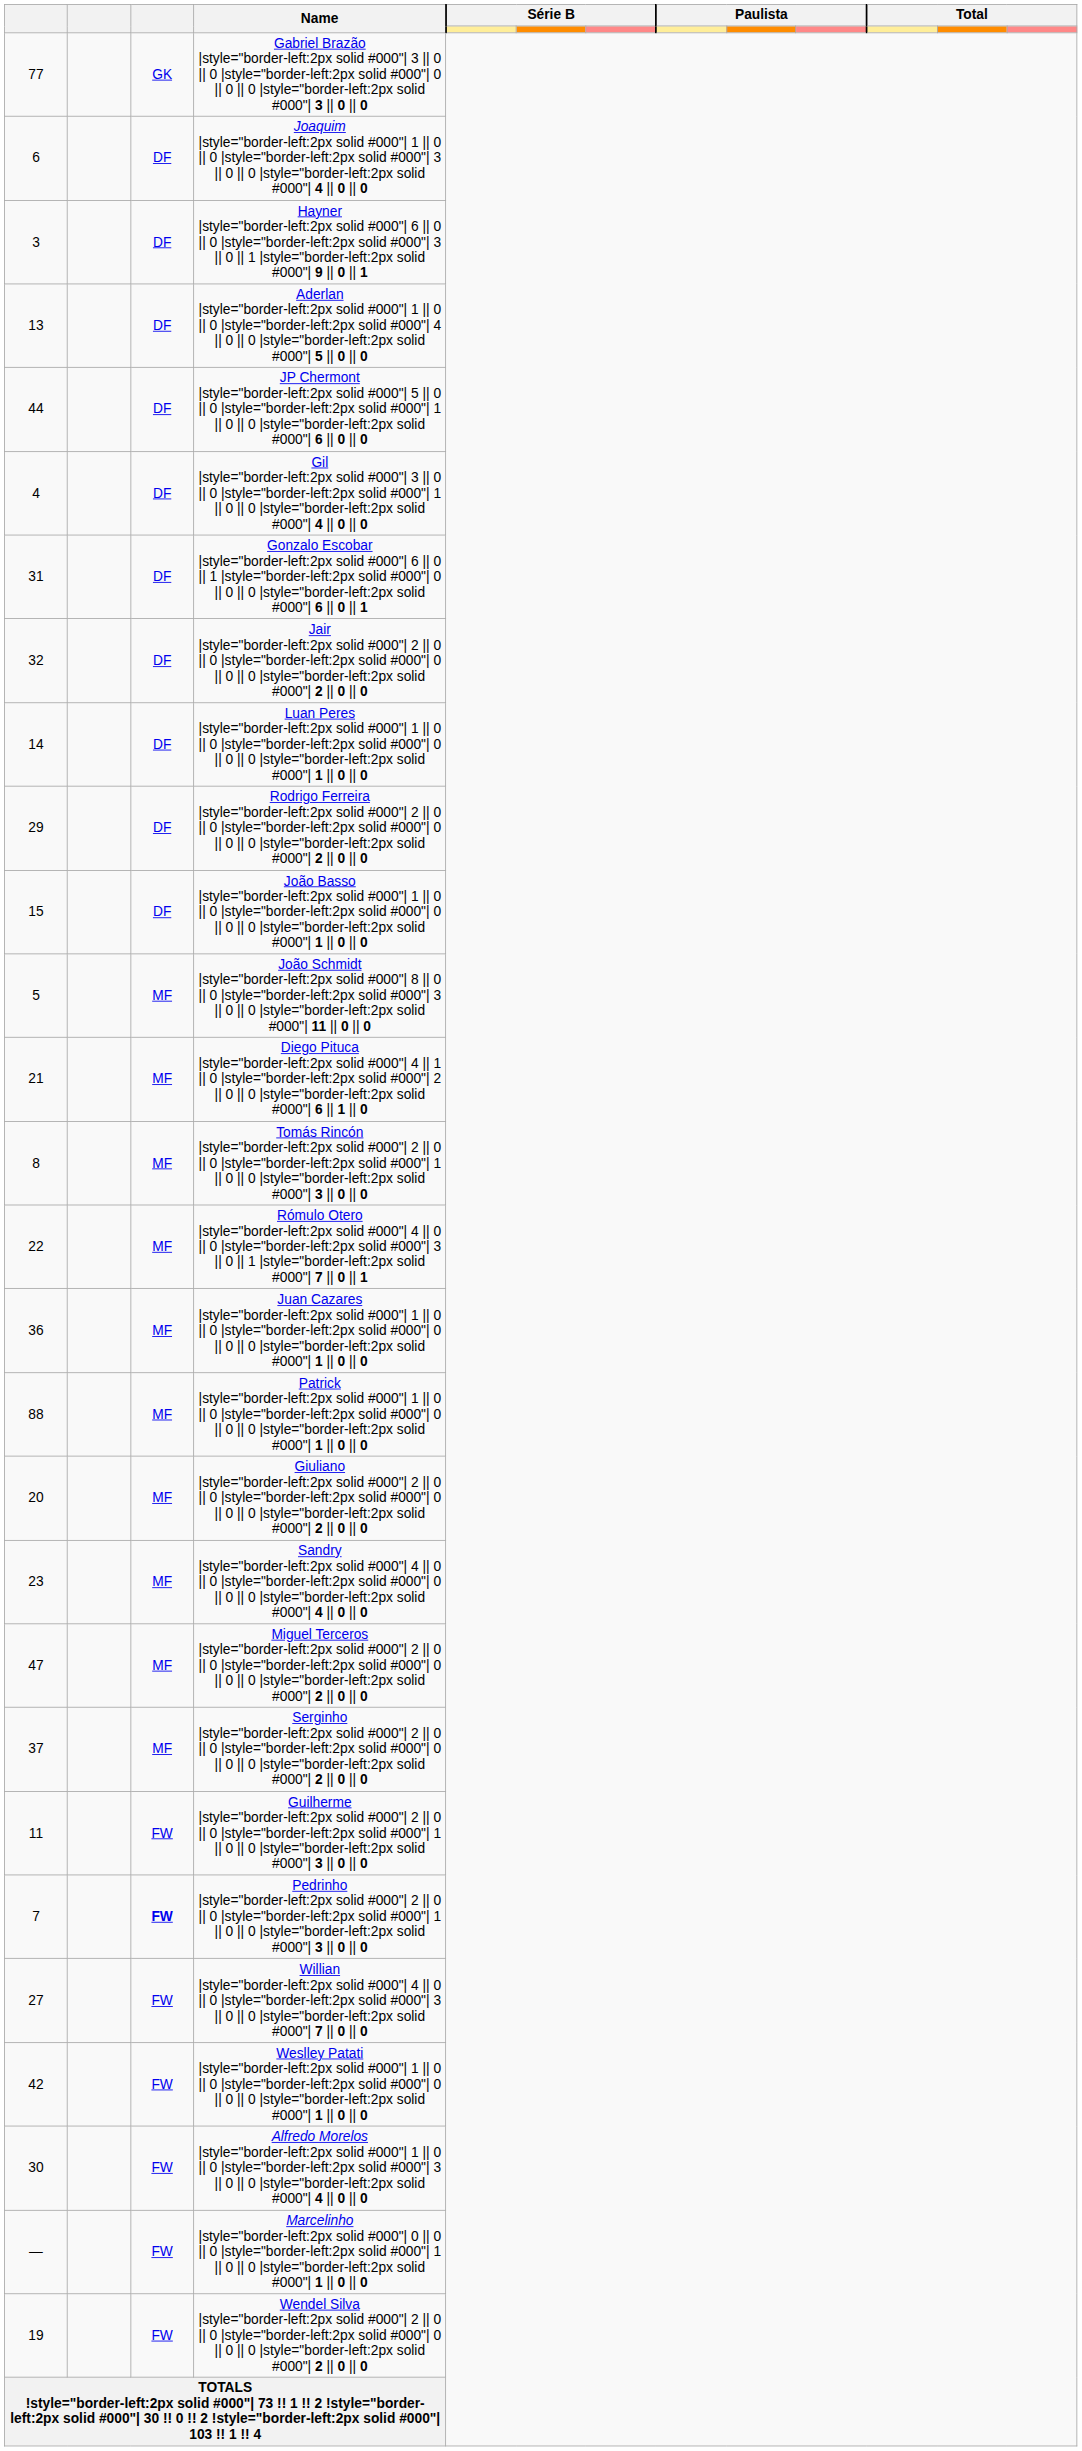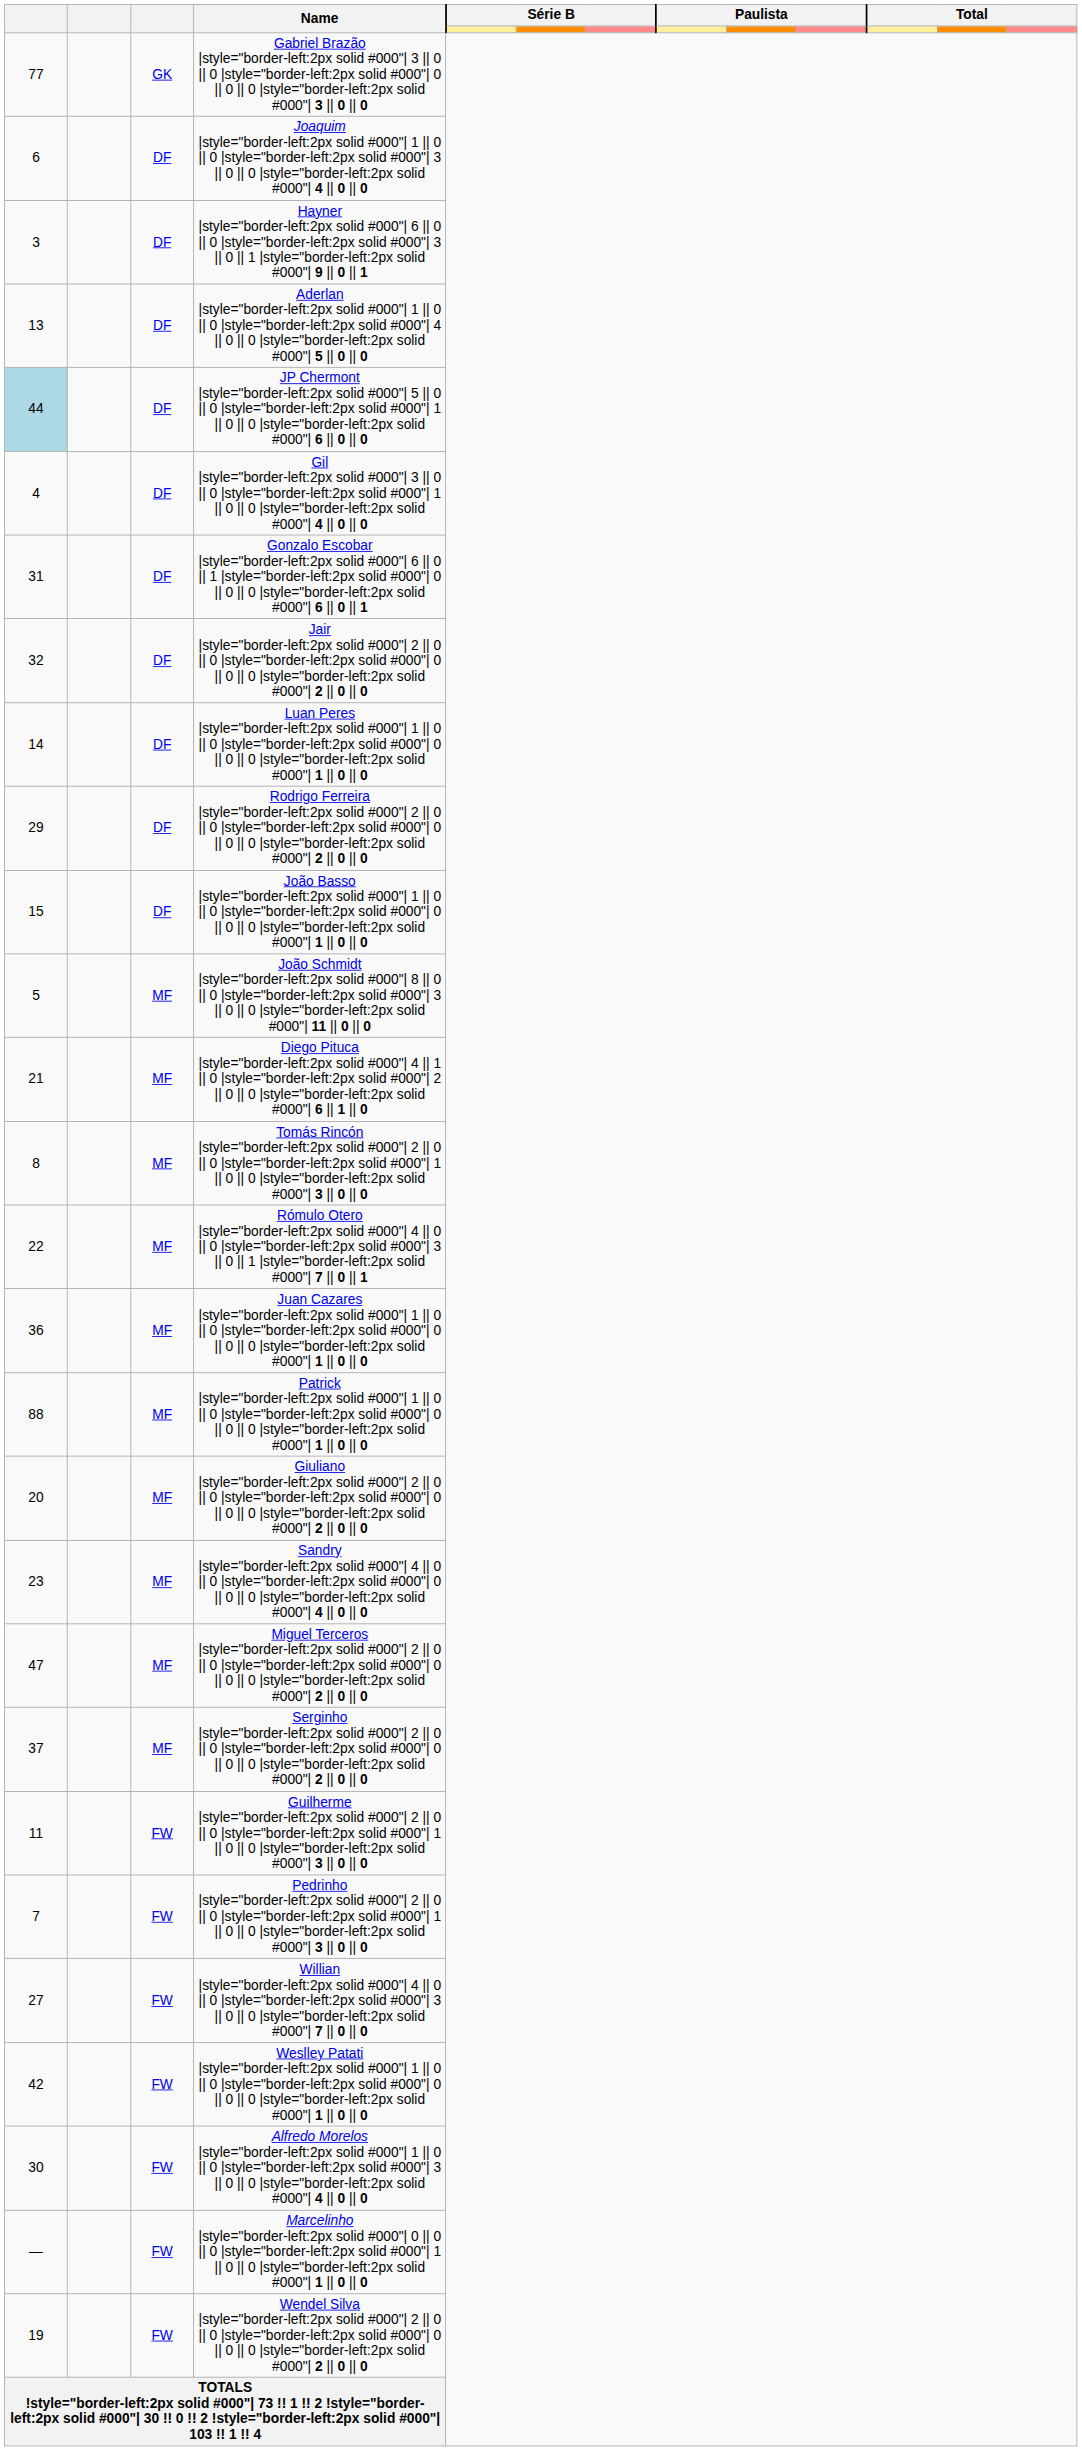 <table class="wikitable" style="text-align:center">
 <tr>
 <th rowspan="2" style="width:3%; "><strong></strong></th>
 <th rowspan="2" style="width:3%; "><strong></strong></th>
 <th rowspan="2" style="width:3%; "><strong></strong></th>
 <th rowspan="2" style="width:12%; ">Name</th>
 <th colspan="3" style="width:10%; border-left:2px solid #000">Série B</th>
 <th colspan="3" style="width:10%; border-left:2px solid #000">Paulista</th>
 <th colspan="3" style="width:10%; border-left:2px solid #000">Total</th>
 </tr>
 <tr>
 <th style="width:20px; background:#fe9; border-left:2px solid #000"></th>
 <th style="width:20px; background:#ff8c00;"></th>
 <th style="width:20px; background:#ff8888;"></th>
 <th style="width:20px; background:#fe9; border-left:2px solid #000"></th>
 <th style="width:20px; background:#ff8c00;"></th>
 <th style="width:20px; background:#ff8888;"></th>
 <th style="width:20px; background:#fe9; border-left:2px solid #000"></th>
 <th style="width:20px; background:#ff8c00;"></th>
 <th style="width:20px; background:#ff8888;"></th>
 </tr>
 <tr>
 <td>77</td>
 <td></td>
 <td><a href='#'>GK</a></td>
 <td><a href='#'>Gabriel Brazão</a><br>|style="border-left:2px solid #000"| 3 || 0 || 0  |style="border-left:2px solid #000"| 0 || 0 || 0  |style="border-left:2px solid #000"| <strong>3</strong> || <strong>0</strong> || <strong>0</strong></td>
 </tr>
 <tr>
 <td>6</td>
 <td></td>
 <td><a href='#'>DF</a></td>
 <td><em><a href='#'>Joaquim</a></em><br>|style="border-left:2px solid #000"| 1 || 0 || 0  |style="border-left:2px solid #000"| 3 || 0 || 0  |style="border-left:2px solid #000"| <strong>4</strong> || <strong>0</strong> || <strong>0</strong></td>
 </tr>
 <tr>
 <td>3</td>
 <td></td>
 <td><a href='#'>DF</a></td>
 <td><a href='#'>Hayner</a><br>|style="border-left:2px solid #000"| 6 || 0 || 0  |style="border-left:2px solid #000"| 3 || 0 || 1  |style="border-left:2px solid #000"| <strong>9</strong> || <strong>0</strong> || <strong>1</strong></td>
 </tr>
 <tr>
 <td>13</td>
 <td></td>
 <td><a href='#'>DF</a></td>
 <td><a href='#'>Aderlan</a><br>|style="border-left:2px solid #000"| 1 || 0 || 0  |style="border-left:2px solid #000"| 4 || 0 || 0  |style="border-left:2px solid #000"| <strong>5</strong> || <strong>0</strong> || <strong>0</strong></td>
 </tr>
 <tr>
-<td>44</td>
+<td style="background: lightblue;">44</td>
 <td></td>
 <td><a href='#'>DF</a></td>
 <td><a href='#'>JP Chermont</a><br>|style="border-left:2px solid #000"| 5 || 0 || 0  |style="border-left:2px solid #000"| 1 || 0 || 0  |style="border-left:2px solid #000"| <strong>6</strong> || <strong>0</strong> || <strong>0</strong></td>
 </tr>
 <tr>
 <td>4</td>
 <td></td>
 <td><a href='#'>DF</a></td>
 <td><a href='#'>Gil</a><br>|style="border-left:2px solid #000"| 3 || 0 || 0  |style="border-left:2px solid #000"| 1 || 0 || 0  |style="border-left:2px solid #000"| <strong>4</strong> || <strong>0</strong> || <strong>0</strong></td>
 </tr>
 <tr>
 <td>31</td>
 <td></td>
 <td><a href='#'>DF</a></td>
 <td><a href='#'>Gonzalo Escobar</a><br>|style="border-left:2px solid #000"| 6 || 0 || 1  |style="border-left:2px solid #000"| 0 || 0 || 0  |style="border-left:2px solid #000"| <strong>6</strong> || <strong>0</strong> || <strong>1</strong></td>
 </tr>
 <tr>
 <td>32</td>
 <td></td>
 <td><a href='#'>DF</a></td>
 <td><a href='#'>Jair</a><br>|style="border-left:2px solid #000"| 2 || 0 || 0  |style="border-left:2px solid #000"| 0 || 0 || 0  |style="border-left:2px solid #000"| <strong>2</strong> || <strong>0</strong> || <strong>0</strong></td>
 </tr>
 <tr>
 <td>14</td>
 <td></td>
 <td><a href='#'>DF</a></td>
 <td><a href='#'>Luan Peres</a><br>|style="border-left:2px solid #000"| 1 || 0 || 0  |style="border-left:2px solid #000"| 0 || 0 || 0  |style="border-left:2px solid #000"| <strong>1</strong> || <strong>0</strong> || <strong>0</strong></td>
 </tr>
 <tr>
 <td>29</td>
 <td></td>
 <td><a href='#'>DF</a></td>
 <td><a href='#'>Rodrigo Ferreira</a><br>|style="border-left:2px solid #000"| 2 || 0 || 0  |style="border-left:2px solid #000"| 0 || 0 || 0  |style="border-left:2px solid #000"| <strong>2</strong> || <strong>0</strong> || <strong>0</strong></td>
 </tr>
 <tr>
 <td>15</td>
 <td></td>
 <td><a href='#'>DF</a></td>
 <td><a href='#'>João Basso</a><br>|style="border-left:2px solid #000"| 1 || 0 || 0  |style="border-left:2px solid #000"| 0 || 0 || 0  |style="border-left:2px solid #000"| <strong>1</strong> || <strong>0</strong> || <strong>0</strong></td>
 </tr>
 <tr>
 <td>5</td>
 <td></td>
 <td><a href='#'>MF</a></td>
 <td><a href='#'>João Schmidt</a><br>|style="border-left:2px solid #000"| 8 || 0 || 0  |style="border-left:2px solid #000"| 3 || 0 || 0  |style="border-left:2px solid #000"| <strong>11</strong> || <strong>0</strong> || <strong>0</strong></td>
 </tr>
 <tr>
 <td>21</td>
 <td></td>
 <td><a href='#'>MF</a></td>
 <td><a href='#'>Diego Pituca</a><br>|style="border-left:2px solid #000"| 4 || 1 || 0  |style="border-left:2px solid #000"| 2 || 0 || 0  |style="border-left:2px solid #000"| <strong>6</strong> || <strong>1</strong> || <strong>0</strong></td>
 </tr>
 <tr>
 <td>8</td>
 <td></td>
 <td><a href='#'>MF</a></td>
 <td><a href='#'>Tomás Rincón</a><br>|style="border-left:2px solid #000"| 2 || 0 || 0  |style="border-left:2px solid #000"| 1 || 0 || 0  |style="border-left:2px solid #000"| <strong>3</strong> || <strong>0</strong> || <strong>0</strong></td>
 </tr>
 <tr>
 <td>22</td>
 <td></td>
 <td><a href='#'>MF</a></td>
 <td><a href='#'>Rómulo Otero</a><br>|style="border-left:2px solid #000"| 4 || 0 || 0  |style="border-left:2px solid #000"| 3 || 0 || 1  |style="border-left:2px solid #000"| <strong>7</strong> || <strong>0</strong> || <strong>1</strong></td>
 </tr>
 <tr>
 <td>36</td>
 <td></td>
 <td><a href='#'>MF</a></td>
 <td><a href='#'>Juan Cazares</a><br>|style="border-left:2px solid #000"| 1 || 0 || 0  |style="border-left:2px solid #000"| 0 || 0 || 0  |style="border-left:2px solid #000"| <strong>1</strong> || <strong>0</strong> || <strong>0</strong></td>
 </tr>
 <tr>
 <td>88</td>
 <td></td>
 <td><a href='#'>MF</a></td>
 <td><a href='#'>Patrick</a><br>|style="border-left:2px solid #000"| 1 || 0 || 0  |style="border-left:2px solid #000"| 0 || 0 || 0  |style="border-left:2px solid #000"| <strong>1</strong> || <strong>0</strong> || <strong>0</strong></td>
 </tr>
 <tr>
 <td>20</td>
 <td></td>
 <td><a href='#'>MF</a></td>
 <td><a href='#'>Giuliano</a><br>|style="border-left:2px solid #000"| 2 || 0 || 0  |style="border-left:2px solid #000"| 0 || 0 || 0  |style="border-left:2px solid #000"| <strong>2</strong> || <strong>0</strong> || <strong>0</strong></td>
 </tr>
 <tr>
 <td>23</td>
 <td></td>
 <td><a href='#'>MF</a></td>
 <td><a href='#'>Sandry</a><br>|style="border-left:2px solid #000"| 4 || 0 || 0  |style="border-left:2px solid #000"| 0 || 0 || 0  |style="border-left:2px solid #000"| <strong>4</strong> || <strong>0</strong> || <strong>0</strong></td>
 </tr>
 <tr>
 <td>47</td>
 <td></td>
 <td><a href='#'>MF</a></td>
 <td><a href='#'>Miguel Terceros</a><br>|style="border-left:2px solid #000"| 2 || 0 || 0  |style="border-left:2px solid #000"| 0 || 0 || 0  |style="border-left:2px solid #000"| <strong>2</strong> || <strong>0</strong> || <strong>0</strong></td>
 </tr>
 <tr>
 <td>37</td>
 <td></td>
 <td><a href='#'>MF</a></td>
 <td><a href='#'>Serginho</a><br>|style="border-left:2px solid #000"| 2 || 0 || 0  |style="border-left:2px solid #000"| 0 || 0 || 0  |style="border-left:2px solid #000"| <strong>2</strong> || <strong>0</strong> || <strong>0</strong></td>
 </tr>
 <tr>
 <td>11</td>
 <td></td>
 <td><a href='#'>FW</a></td>
 <td><a href='#'>Guilherme</a><br>|style="border-left:2px solid #000"| 2 || 0 || 0  |style="border-left:2px solid #000"| 1 || 0 || 0  |style="border-left:2px solid #000"| <strong>3</strong> || <strong>0</strong> || <strong>0</strong></td>
 </tr>
 <tr>
 <td>7</td>
 <td></td>
-<td><strong><a href='#'>FW</a></strong></td>
+<td><a href='#'>FW</a></td>
 <td><a href='#'>Pedrinho</a><br>|style="border-left:2px solid #000"| 2 || 0 || 0  |style="border-left:2px solid #000"| 1 || 0 || 0  |style="border-left:2px solid #000"| <strong>3</strong> || <strong>0</strong> || <strong>0</strong></td>
 </tr>
 <tr>
 <td>27</td>
 <td></td>
 <td><a href='#'>FW</a></td>
 <td><a href='#'>Willian</a><br>|style="border-left:2px solid #000"| 4 || 0 || 0  |style="border-left:2px solid #000"| 3 || 0 || 0  |style="border-left:2px solid #000"| <strong>7</strong> || <strong>0</strong> || <strong>0</strong></td>
 </tr>
 <tr>
 <td>42</td>
 <td></td>
 <td><a href='#'>FW</a></td>
 <td><a href='#'>Weslley Patati</a><br>|style="border-left:2px solid #000"| 1 || 0 || 0  |style="border-left:2px solid #000"| 0 || 0 || 0  |style="border-left:2px solid #000"| <strong>1</strong> || <strong>0</strong> || <strong>0</strong></td>
 </tr>
 <tr>
 <td>30</td>
 <td></td>
 <td><a href='#'>FW</a></td>
 <td><em><a href='#'>Alfredo Morelos</a></em><br>|style="border-left:2px solid #000"| 1 || 0 || 0  |style="border-left:2px solid #000"| 3 || 0 || 0  |style="border-left:2px solid #000"| <strong>4</strong> || <strong>0</strong> || <strong>0</strong></td>
 </tr>
 <tr>
 <td>—</td>
 <td></td>
 <td><a href='#'>FW</a></td>
 <td><em><a href='#'>Marcelinho</a></em><br>|style="border-left:2px solid #000"| 0 || 0 || 0  |style="border-left:2px solid #000"| 1 || 0 || 0  |style="border-left:2px solid #000"| <strong>1</strong> || <strong>0</strong> || <strong>0</strong></td>
 </tr>
 <tr>
 <td>19</td>
 <td></td>
 <td><a href='#'>FW</a></td>
 <td><a href='#'>Wendel Silva</a><br>|style="border-left:2px solid #000"| 2 || 0 || 0  |style="border-left:2px solid #000"| 0 || 0 || 0  |style="border-left:2px solid #000"| <strong>2</strong> || <strong>0</strong> || <strong>0</strong></td>
 </tr>
 <tr>
 <th colspan="4">TOTALS<br>!style="border-left:2px solid #000"| <strong>73</strong> !! <strong>1</strong> !! <strong>2</strong>  !style="border-left:2px solid #000"| <strong>30</strong> !! <strong>0</strong> !! <strong>2</strong>  !style="border-left:2px solid #000"| <strong>103</strong> !! <strong>1</strong> !! <strong>4</strong></th>
 </tr>
 </table>
